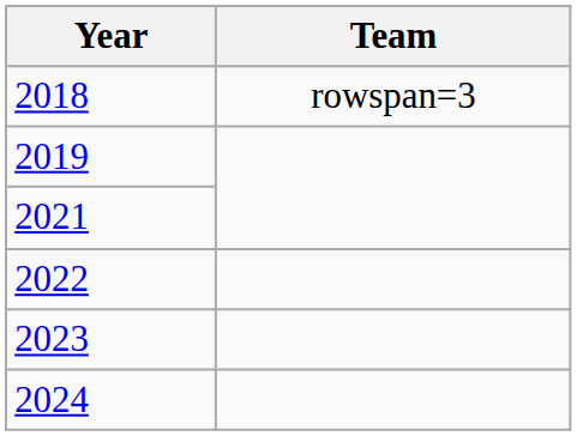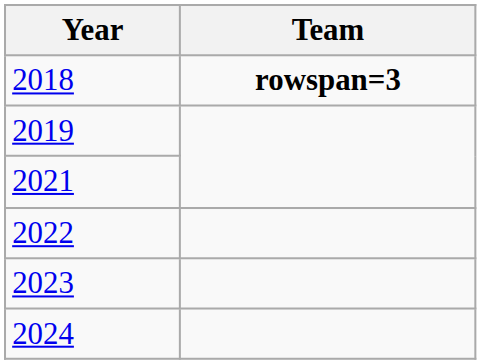 <table class=wikitable style="text-align:center; font-size:96%; ">
 <tr>
 <th width=80>Year</th>
 <th width=140>Team</th>
 </tr>
 <tr>
 <td align=left> <a href='#'>2018</a></td>
-<td>rowspan=3 </td>
+<td><strong>rowspan=3 </strong></td>
 </tr>
 <tr>
 <td align=left> <a href='#'>2019</a></td>
 </tr>
 <tr>
 <td align=left> <a href='#'>2021</a></td>
 </tr>
 <tr>
 <td align=left> <a href='#'>2022</a></td>
 <td align=left></td>
 </tr>
 <tr>
 <td align=left> <a href='#'>2023</a></td>
 <td align=left></td>
 </tr>
 <tr>
 <td align=left> <a href='#'>2024</a></td>
 <td align=left></td>
 </tr>
 </table>
